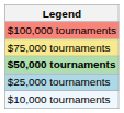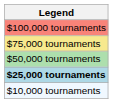 <table class="wikitable" style="font-size:85%;">
 <tr>
 <th>Legend</th>
 </tr>
 <tr bgcolor=#F88379>
 <td>$100,000 tournaments</td>
 </tr>
 <tr bgcolor=#F7E98E>
 <td>$75,000 tournaments</td>
 </tr>
 <tr bgcolor=#ADDFAD>
-<td><strong>$50,000 tournaments</strong></td>
+<td>$50,000 tournaments</td>
 </tr>
 <tr bgcolor=lightblue>
-<td>$25,000 tournaments</td>
+<td><strong>$25,000 tournaments</strong></td>
 </tr>
 <tr bgcolor=#f0f8ff>
 <td>$10,000 tournaments</td>
 </tr>
 </table>
